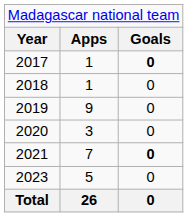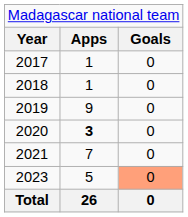 <table class="wikitable" style="text-align:center">
 <tr>
 <td colspan="3"><a href='#'>Madagascar national team</a></td>
 </tr>
 <tr>
 <th>Year</th>
 <th>Apps</th>
 <th>Goals</th>
 </tr>
 <tr>
 <td>2017</td>
 <td>1</td>
-<td><strong>0</strong></td>
+<td>0</td>
 </tr>
 <tr>
 <td>2018</td>
 <td>1</td>
 <td>0</td>
 </tr>
 <tr>
 <td>2019</td>
 <td>9</td>
 <td>0</td>
 </tr>
 <tr>
 <td>2020</td>
-<td>3</td>
+<td><strong>3</strong></td>
 <td>0</td>
 </tr>
 <tr>
 <td>2021</td>
 <td>7</td>
-<td><strong>0</strong></td>
+<td>0</td>
 </tr>
 <tr>
 <td>2023</td>
 <td>5</td>
-<td>0</td>
+<td style="background: lightsalmon;">0</td>
 </tr>
 <tr>
 <th>Total</th>
 <th>26</th>
 <th>0</th>
 </tr>
 </table>
